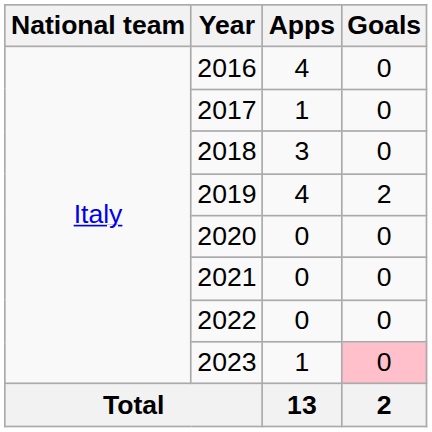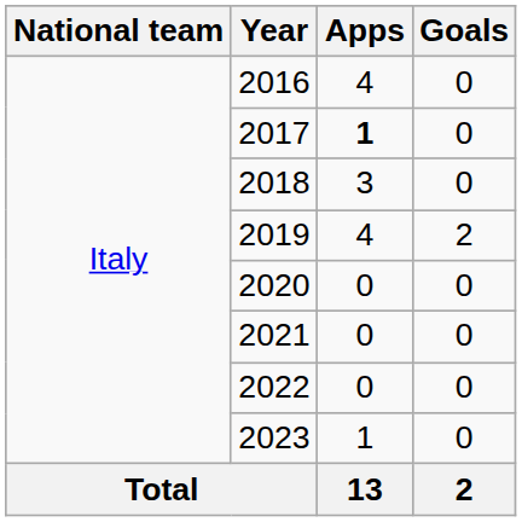 <table class="wikitable" style="text-align:center">
 <tr>
 <th>National team</th>
 <th>Year</th>
 <th>Apps</th>
 <th>Goals</th>
 </tr>
 <tr>
 <td rowspan="8"><a href='#'>Italy</a></td>
 <td>2016</td>
 <td>4</td>
 <td>0</td>
 </tr>
 <tr>
 <td>2017</td>
-<td>1</td>
+<td><strong>1</strong></td>
 <td>0</td>
 </tr>
 <tr>
 <td>2018</td>
 <td>3</td>
 <td>0</td>
 </tr>
 <tr>
 <td>2019</td>
 <td>4</td>
 <td>2</td>
 </tr>
 <tr>
 <td>2020</td>
 <td>0</td>
 <td>0</td>
 </tr>
 <tr>
 <td>2021</td>
 <td>0</td>
 <td>0</td>
 </tr>
 <tr>
 <td>2022</td>
 <td>0</td>
 <td>0</td>
 </tr>
 <tr>
 <td>2023</td>
 <td>1</td>
-<td style="background: pink;">0</td>
+<td>0</td>
 </tr>
 <tr>
 <th colspan="2">Total</th>
 <th>13</th>
 <th>2</th>
 </tr>
 </table>
